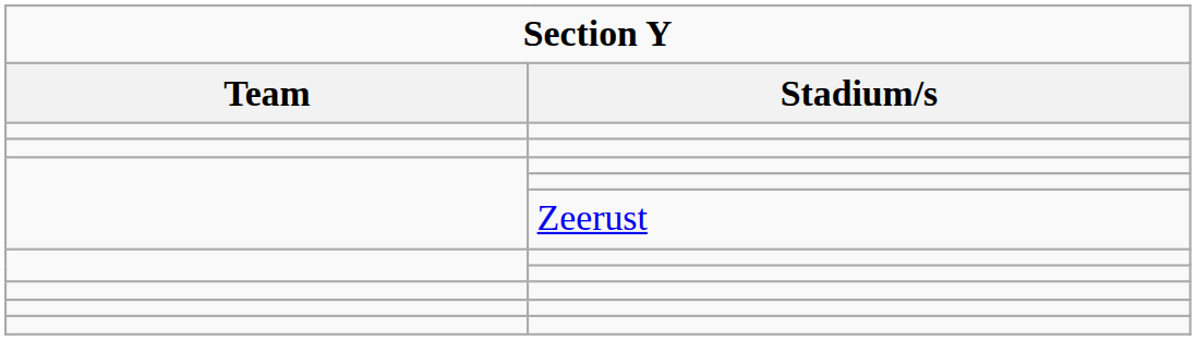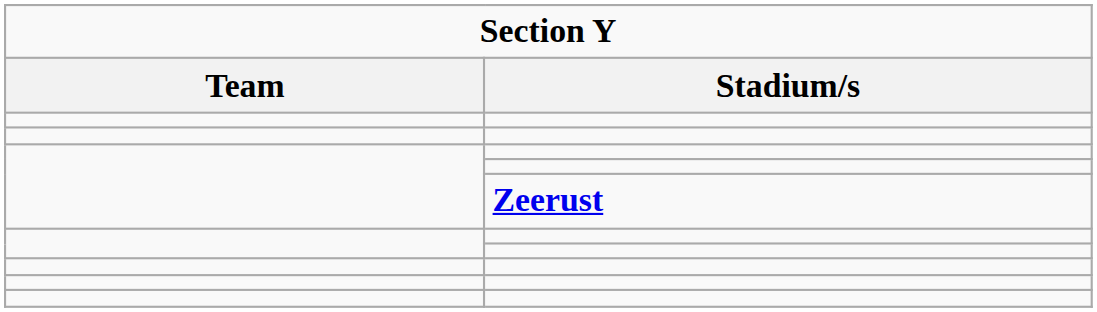 <table class="wikitable">
 <tr>
 <td colspan=3 align=center><strong>Section Y</strong></td>
 </tr>
 <tr>
 <th width="220">Team</th>
 <th width="280">Stadium/s</th>
 </tr>
 <tr>
 <td></td>
 <td></td>
 </tr>
 <tr>
 <td></td>
 <td></td>
 </tr>
 <tr>
 <td rowspan=3></td>
 <td></td>
 </tr>
 <tr>
 <td></td>
 </tr>
 <tr>
-<td><a href='#'>Zeerust</a></td>
+<td><strong><a href='#'>Zeerust</a></strong></td>
 </tr>
 <tr>
 <td rowspan=2></td>
 <td></td>
 </tr>
 <tr>
 <td></td>
 </tr>
 <tr>
 <td></td>
 <td></td>
 </tr>
 <tr>
 <td></td>
 <td></td>
 </tr>
 <tr>
 <td></td>
 <td></td>
 </tr>
 </table>
